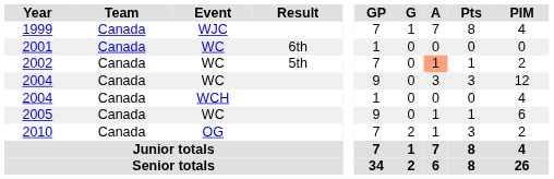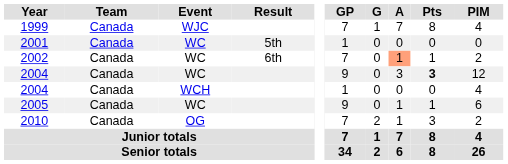 <table border="0" cellpadding="1" cellspacing="0" style="text-align:center; width:40em">
 <tr ALIGN="center" bgcolor="#e0e0e0">
 <th>Year</th>
 <th>Team</th>
 <th>Event</th>
 <th>Result</th>
 <th rowspan="99" bgcolor="#ffffff"> </th>
 <th>GP</th>
 <th>G</th>
 <th>A</th>
 <th>Pts</th>
 <th>PIM</th>
 </tr>
 <tr>
 <td><a href='#'>1999</a></td>
 <td><a href='#'>Canada</a></td>
 <td><a href='#'>WJC</a></td>
 <td></td>
 <td>7</td>
 <td>1</td>
 <td>7</td>
 <td>8</td>
 <td>4</td>
 </tr>
 <tr bgcolor="#f0f0f0">
 <td><a href='#'>2001</a></td>
 <td><a href='#'>Canada</a></td>
 <td><a href='#'>WC</a></td>
-<td>6th</td>
+<td>5th</td>
 <td>1</td>
 <td>0</td>
 <td>0</td>
 <td>0</td>
 <td>0</td>
 </tr>
 <tr>
 <td><a href='#'>2002</a></td>
 <td>Canada</td>
 <td>WC</td>
-<td>5th</td>
+<td>6th</td>
 <td>7</td>
 <td>0</td>
 <td style="background: lightsalmon;">1</td>
 <td>1</td>
 <td>2</td>
 </tr>
 <tr bgcolor="#f0f0f0">
 <td><a href='#'>2004</a></td>
 <td>Canada</td>
 <td>WC</td>
 <td></td>
 <td>9</td>
 <td>0</td>
 <td>3</td>
-<td>3</td>
+<td><strong>3</strong></td>
 <td>12</td>
 </tr>
 <tr>
 <td><a href='#'>2004</a></td>
 <td>Canada</td>
 <td><a href='#'>WCH</a></td>
 <td></td>
 <td>1</td>
 <td>0</td>
 <td>0</td>
 <td>0</td>
 <td>4</td>
 </tr>
 <tr bgcolor="#f0f0f0">
 <td><a href='#'>2005</a></td>
 <td>Canada</td>
 <td>WC</td>
 <td></td>
 <td>9</td>
 <td>0</td>
 <td>1</td>
 <td>1</td>
 <td>6</td>
 </tr>
 <tr>
 <td><a href='#'>2010</a></td>
 <td>Canada</td>
 <td><a href='#'>OG</a></td>
 <td></td>
 <td>7</td>
 <td>2</td>
 <td>1</td>
 <td>3</td>
 <td>2</td>
 </tr>
 <tr bgcolor="#e0e0e0">
 <th colspan="4">Junior totals</th>
 <th>7</th>
 <th>1</th>
 <th>7</th>
 <th>8</th>
 <th>4</th>
 </tr>
 <tr bgcolor="#e0e0e0">
 <th colspan="4">Senior totals</th>
 <th>34</th>
 <th>2</th>
 <th>6</th>
 <th>8</th>
 <th>26</th>
 </tr>
 </table>
